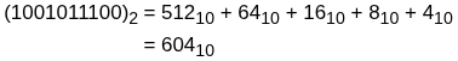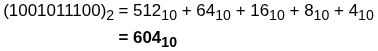 <table>
 <tr>
 <td>(1001011100)<sub>2</sub></td>
 <td>= 512<sub>10</sub> + 64<sub>10</sub> + 16<sub>10</sub> + 8<sub>10</sub> + 4<sub>10</sub></td>
 </tr>
 <tr>
 <td> </td>
-<td>= 604<sub>10</sub></td>
+<td><strong>= 604<sub>10</sub></strong></td>
 </tr>
 </table>
